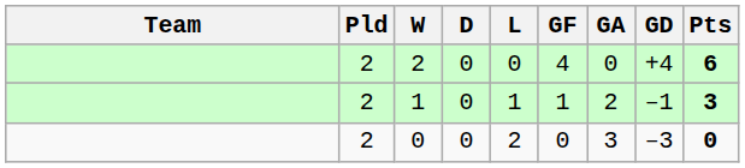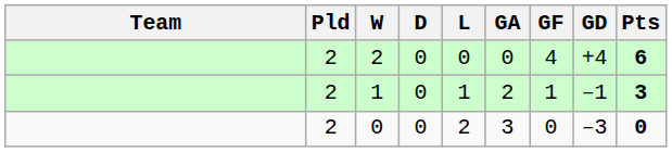 <table class="wikitable" style="text-align:center">
 <tr>
 <th width=175>Team</th>
 <th style="width:20px;" abbr="Played">Pld</th>
 <th style="width:20px;" abbr="Won">W</th>
 <th style="width:20px;" abbr="Drawn">D</th>
 <th style="width:20px;" abbr="Lost">L</th>
+<th style="width:20px;" abbr="Goals against">GA</th>
 <th style="width:20px;" abbr="Goals for">GF</th>
-<th style="width:20px;" abbr="Goals against">GA</th>
 <th style="width:20px;" abbr="Goal difference">GD</th>
 <th style="width:20px;" abbr="Points">Pts</th>
 </tr>
 <tr style="background:#cfc;">
 <td align=left></td>
 <td>2</td>
 <td>2</td>
 <td>0</td>
 <td>0</td>
+<td>0</td>
 <td>4</td>
-<td>0</td>
 <td>+4</td>
 <td><strong>6</strong></td>
 </tr>
 <tr style="background:#cfc;">
 <td align=left></td>
 <td>2</td>
 <td>1</td>
 <td>0</td>
 <td>1</td>
+<td>2</td>
 <td>1</td>
-<td>2</td>
 <td>–1</td>
 <td><strong>3</strong></td>
 </tr>
 <tr>
 <td align=left></td>
 <td>2</td>
 <td>0</td>
 <td>0</td>
 <td>2</td>
+<td>3</td>
 <td>0</td>
-<td>3</td>
 <td>–3</td>
 <td><strong>0</strong></td>
 </tr>
 </table>
